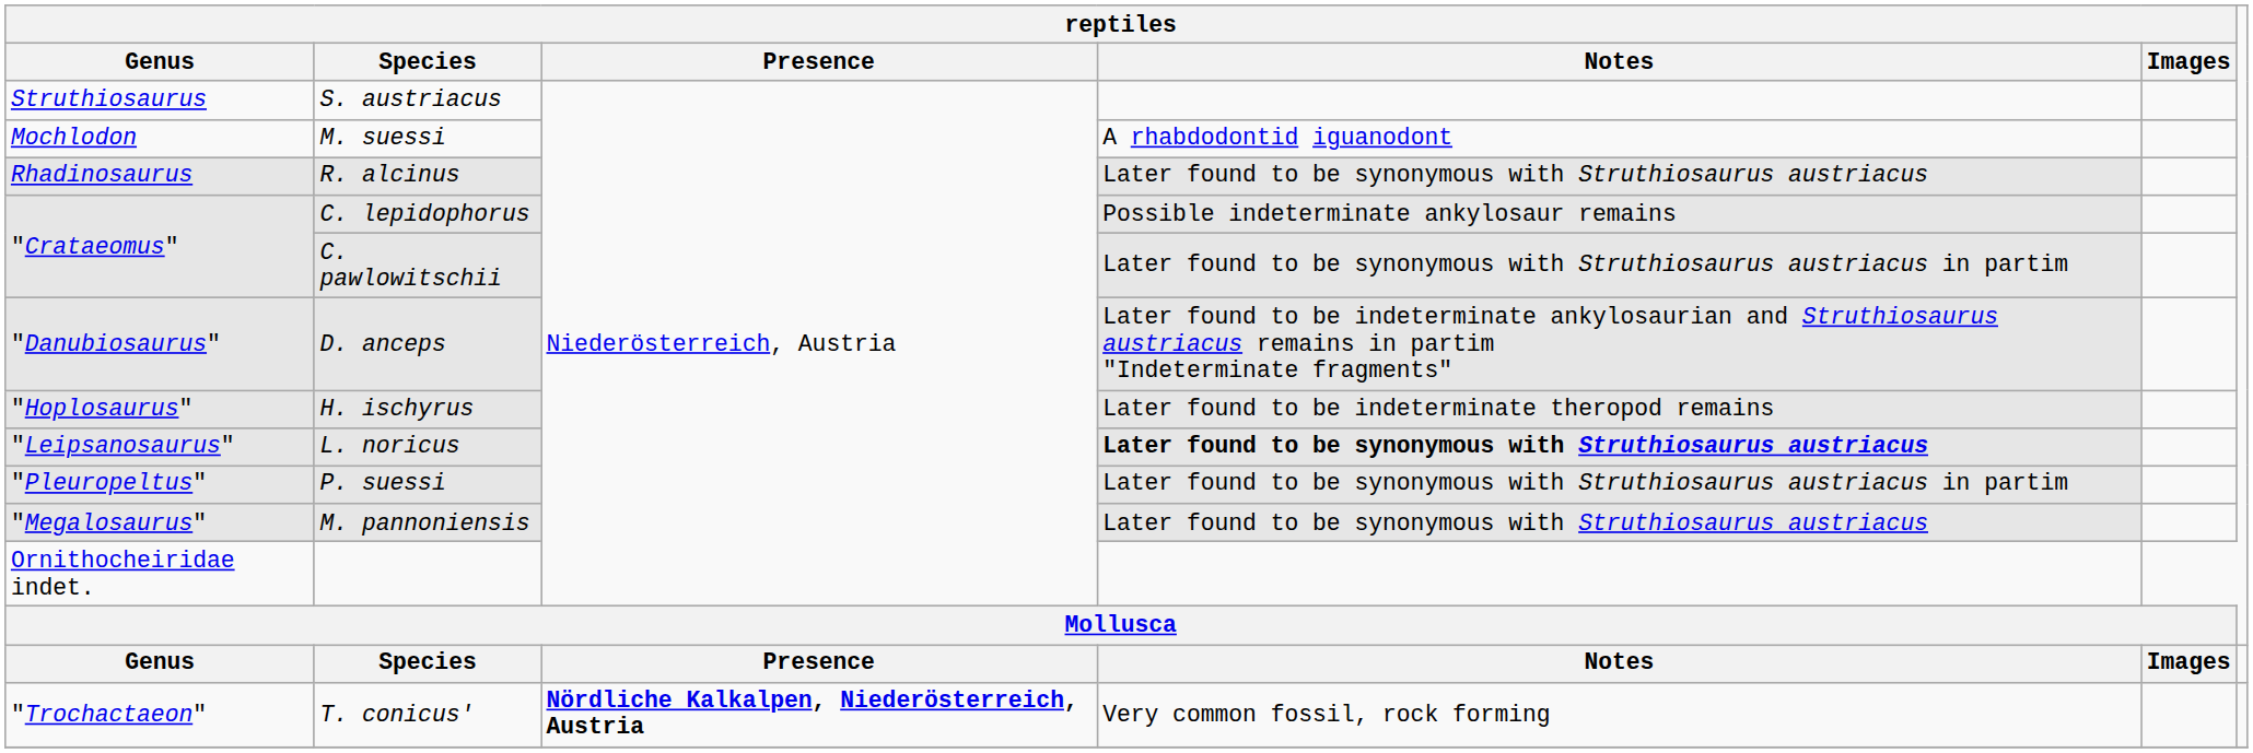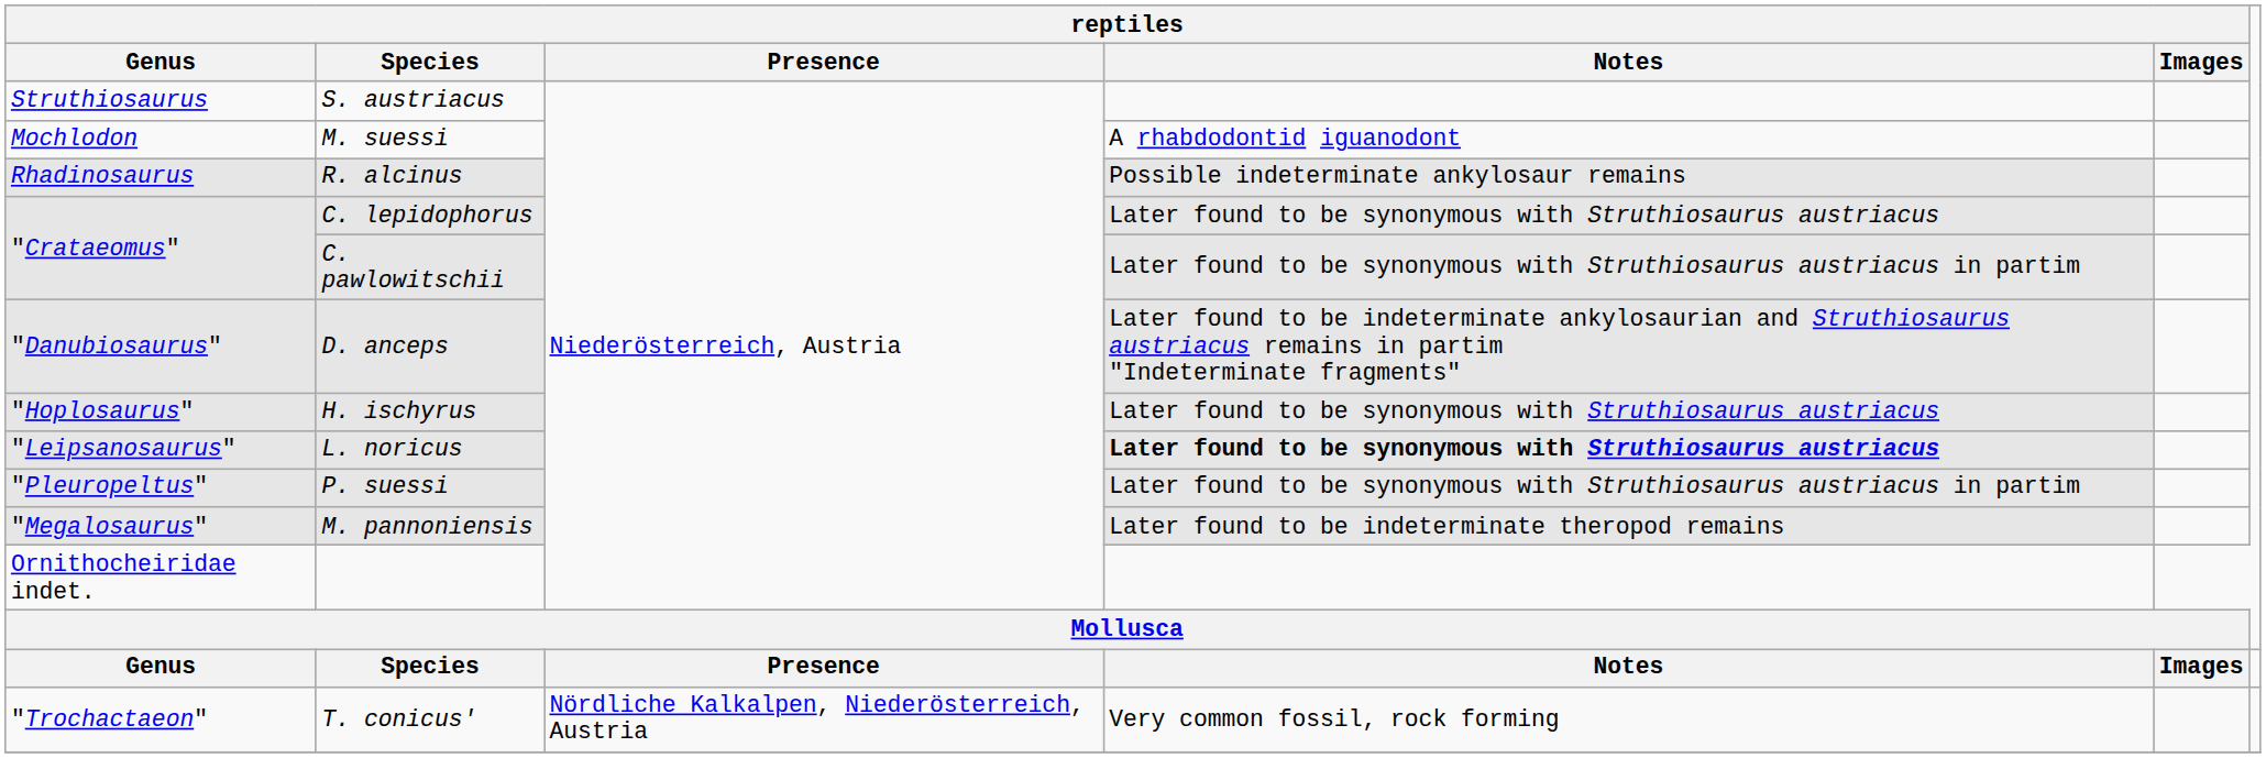 <table class="wikitable" align="center">
 <tr>
 <th colspan="5" align="center"><strong>reptiles</strong></th>
 </tr>
 <tr>
 <th>Genus</th>
 <th width=120px>Species</th>
 <th>Presence</th>
 <th>Notes</th>
 <th>Images</th>
 </tr>
 <tr>
 <td><em><a href='#'>Struthiosaurus</a></em></td>
 <td><em>S. austriacus</em></td>
 <td rowspan=11><a href='#'>Niederösterreich</a>, Austria</td>
 <td align=center></td>
 <td></td>
 </tr>
 <tr>
 <td><em><a href='#'>Mochlodon</a></em></td>
 <td><em>M. suessi</em></td>
 <td>A <a href='#'>rhabdodontid</a> <a href='#'>iguanodont</a></td>
 <td></td>
 </tr>
 <tr>
 <td style="background:#E6E6E6;"><em><a href='#'>Rhadinosaurus</a></em></td>
 <td style="background:#E6E6E6;"><em>R. alcinus</em></td>
-<td style="background:#E6E6E6;">Later found to be synonymous with <em>Struthiosaurus austriacus</em></td>
+<td style="background:#E6E6E6;">Possible indeterminate ankylosaur remains</td>
 <td></td>
 </tr>
 <tr>
 <td rowspan="2" style="background:#E6E6E6;">"<em><a href='#'>Crataeomus</a></em>"</td>
 <td style="background:#E6E6E6;"><em>C. lepidophorus</em></td>
-<td style="background:#E6E6E6;">Possible indeterminate ankylosaur remains</td>
+<td style="background:#E6E6E6;">Later found to be synonymous with <em>Struthiosaurus austriacus</em></td>
 <td></td>
 </tr>
 <tr>
 <td style="background:#E6E6E6;"><em>C. pawlowitschii</em></td>
 <td style="background:#E6E6E6;">Later found to be synonymous with <em>Struthiosaurus austriacus</em> in partim</td>
 <td></td>
 </tr>
 <tr>
 <td style="background:#E6E6E6;">"<em><a href='#'>Danubiosaurus</a></em>"</td>
 <td style="background:#E6E6E6;"><em>D. anceps</em></td>
 <td style="background:#E6E6E6;">Later found to be indeterminate ankylosaurian and <em><a href='#'>Struthiosaurus austriacus</a></em> remains in partim<br>"Indeterminate fragments"</td>
 <td></td>
 </tr>
 <tr>
 <td style="background:#E6E6E6;">"<em><a href='#'>Hoplosaurus</a></em>"</td>
 <td style="background:#E6E6E6;"><em>H. ischyrus</em></td>
-<td style="background:#E6E6E6;">Later found to be indeterminate theropod remains</td>
+<td style="background:#E6E6E6;">Later found to be synonymous with <em><a href='#'>Struthiosaurus austriacus</a></em></td>
 <td></td>
 </tr>
 <tr>
 <td style="background:#E6E6E6;">"<em><a href='#'>Leipsanosaurus</a></em>"</td>
 <td style="background:#E6E6E6;"><em>L. noricus</em></td>
 <td style="background:#E6E6E6;"><strong>Later found to be synonymous with <em><a href='#'>Struthiosaurus austriacus</a></em></strong></td>
 <td></td>
 </tr>
 <tr>
 <td style="background:#E6E6E6;">"<em><a href='#'>Pleuropeltus</a></em>"</td>
 <td style="background:#E6E6E6;"><em>P. suessi</em></td>
 <td style="background:#E6E6E6;">Later found to be synonymous with <em>Struthiosaurus austriacus</em> in partim</td>
 <td></td>
 </tr>
 <tr>
 <td style="background:#E6E6E6;">"<em><a href='#'>Megalosaurus</a></em>"</td>
 <td style="background:#E6E6E6;"><em>M. pannoniensis</em></td>
-<td style="background:#E6E6E6;">Later found to be synonymous with <em><a href='#'>Struthiosaurus austriacus</a></em></td>
+<td style="background:#E6E6E6;">Later found to be indeterminate theropod remains</td>
 <td></td>
 </tr>
 <tr>
 <td><a href='#'>Ornithocheiridae</a> indet.</td>
 <td></td>
 <td align=center></td>
 </tr>
 <tr>
 <th colspan="5" align="center"><strong><a href='#'>Mollusca</a></strong></th>
 </tr>
 <tr>
 <th>Genus</th>
 <th width=120px>Species</th>
 <th>Presence</th>
 <th>Notes</th>
 <th>Images</th>
 <td></td>
 </tr>
 <tr>
 <td>"<em><a href='#'>Trochactaeon</a></em>"</td>
 <td><em>T. conicus'</td>
-<td><strong><a href='#'>Nördliche Kalkalpen</a>, <a href='#'>Niederösterreich</a>, Austria</strong></td>
+<td><a href='#'>Nördliche Kalkalpen</a>, <a href='#'>Niederösterreich</a>, Austria</td>
 <td>Very common fossil, rock forming</td>
 <td></td>
 <td></td>
 </tr>
 <tr>
 </tr>
 </table>
